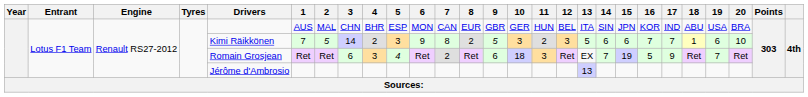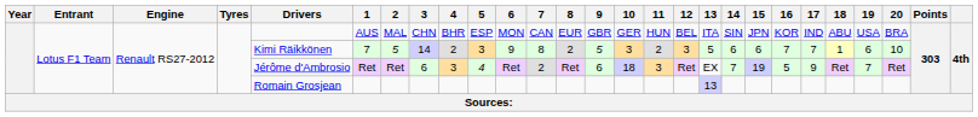 <table class="wikitable" style="text-align:center; font-size:95%">
 <tr>
 <th>Year</th>
 <th>Entrant</th>
 <th>Engine</th>
 <th>Tyres</th>
 <th>Drivers</th>
 <th>1</th>
 <th>2</th>
 <th>3</th>
 <th>4</th>
 <th>5</th>
 <th>6</th>
 <th>7</th>
 <th>8</th>
 <th>9</th>
 <th>10</th>
 <th>11</th>
 <th>12</th>
 <th>13</th>
 <th>14</th>
 <th>15</th>
 <th>16</th>
 <th>17</th>
 <th>18</th>
 <th>19</th>
 <th>20</th>
 <th>Points</th>
 <th></th>
 </tr>
 <tr>
 <th rowspan=4></th>
 <td rowspan=4><a href='#'>Lotus F1 Team</a></td>
 <td rowspan=4><a href='#'>Renault</a> RS27-2012</td>
 <td rowspan=4></td>
 <td></td>
 <td><a href='#'>AUS</a></td>
 <td><a href='#'>MAL</a></td>
 <td><a href='#'>CHN</a></td>
 <td><a href='#'>BHR</a></td>
 <td><a href='#'>ESP</a></td>
 <td><a href='#'>MON</a></td>
 <td><a href='#'>CAN</a></td>
 <td><a href='#'>EUR</a></td>
 <td><a href='#'>GBR</a></td>
 <td><a href='#'>GER</a></td>
 <td><a href='#'>HUN</a></td>
 <td><a href='#'>BEL</a></td>
 <td><a href='#'>ITA</a></td>
 <td><a href='#'>SIN</a></td>
 <td><a href='#'>JPN</a></td>
 <td><a href='#'>KOR</a></td>
 <td><a href='#'>IND</a></td>
 <td><a href='#'>ABU</a></td>
 <td><a href='#'>USA</a></td>
 <td><a href='#'>BRA</a></td>
 <th rowspan="4">303</th>
 <th rowspan="4">4th</th>
 </tr>
 <tr>
 <td align="left"> <a href='#'>Kimi Räikkönen</a></td>
 <td style="background:#dfffdf;">7</td>
 <td style="background:#dfffdf;"><em>5</em></td>
 <td style="background:#cfcfff;">14</td>
 <td style="background:#dfdfdf;">2</td>
 <td style="background:#ffdf9f;">3</td>
 <td style="background:#dfffdf;">9</td>
 <td style="background:#dfffdf;">8</td>
 <td style="background:#dfdfdf;">2</td>
 <td style="background:#dfffdf;"><em>5</em></td>
 <td style="background:#ffdf9f;">3</td>
 <td style="background:#dfdfdf;">2</td>
 <td style="background:#ffdf9f;">3</td>
 <td style="background:#dfffdf;">5</td>
 <td style="background:#dfffdf;">6</td>
 <td style="background:#dfffdf;">6</td>
 <td style="background:#dfffdf;">7</td>
 <td style="background:#dfffdf;">7</td>
 <td style="background:#ffffbf;">1</td>
 <td style="background:#dfffdf;">6</td>
 <td style="background:#dfffdf;">10</td>
 </tr>
 <tr>
-<td align="left"> <a href='#'>Romain Grosjean</a></td>
+<td align="left"> <a href='#'>Jérôme d'Ambrosio</a></td>
 <td style="background:#efcfff;">Ret</td>
 <td style="background:#efcfff;">Ret</td>
 <td style="background:#dfffdf;">6</td>
 <td style="background:#ffdf9f;">3</td>
 <td style="background:#dfffdf;"><em>4</em></td>
 <td style="background:#efcfff;">Ret</td>
 <td style="background:#dfdfdf;">2</td>
 <td style="background:#efcfff;">Ret</td>
 <td style="background:#dfffdf;">6</td>
 <td style="background:#cfcfff;">18</td>
 <td style="background:#ffdf9f;">3</td>
 <td style="background:#efcfff;">Ret</td>
 <td>EX</td>
 <td style="background:#dfffdf;">7</td>
 <td style="background:#cfcfff;">19</td>
 <td style="background:#dfffdf;">5</td>
 <td style="background:#dfffdf;">9</td>
 <td style="background:#efcfff;">Ret</td>
 <td style="background:#dfffdf;">7</td>
 <td style="background:#efcfff;">Ret</td>
 </tr>
 <tr>
-<td align="left"> <a href='#'>Jérôme d'Ambrosio</a></td>
+<td align="left"> <a href='#'>Romain Grosjean</a></td>
 <td></td>
 <td></td>
 <td></td>
 <td></td>
 <td></td>
 <td></td>
 <td></td>
 <td></td>
 <td></td>
 <td></td>
 <td></td>
 <td></td>
 <td style="background:#cfcfff;">13</td>
 <td></td>
 <td></td>
 <td></td>
 <td></td>
 <td></td>
 <td></td>
 <td></td>
 </tr>
 <tr>
 <th colspan="28">Sources:</th>
 </tr>
 </table>
